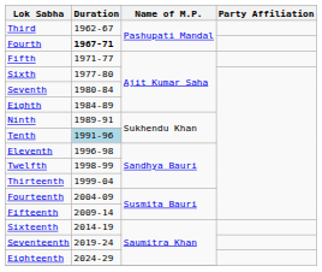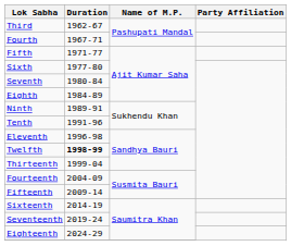 <table class="wikitable sortable">
 <tr>
 <th>Lok Sabha</th>
 <th>Duration</th>
 <th>Name of M.P.</th>
 <th colspan=2>Party Affiliation</th>
 </tr>
 <tr>
 <td><a href='#'>Third</a></td>
 <td>1962-67</td>
 <td rowspan=2><a href='#'>Pashupati Mandal</a></td>
 <td></td>
 </tr>
 <tr>
 <td><a href='#'>Fourth</a></td>
-<td><strong>1967-71</strong></td>
+<td>1967-71</td>
 </tr>
 <tr>
 <td><a href='#'>Fifth</a></td>
 <td>1971-77</td>
 <td rowspan=4><a href='#'>Ajit Kumar Saha</a></td>
 <td></td>
 </tr>
 <tr>
 <td><a href='#'>Sixth</a></td>
 <td>1977-80</td>
 </tr>
 <tr>
 <td><a href='#'>Seventh</a></td>
 <td>1980-84</td>
 </tr>
 <tr>
 <td><a href='#'>Eighth</a></td>
 <td>1984-89</td>
 </tr>
 <tr>
 <td><a href='#'>Ninth</a></td>
 <td>1989-91</td>
 <td rowspan=2>Sukhendu Khan</td>
 </tr>
 <tr>
 <td><a href='#'>Tenth</a></td>
-<td style="background: lightblue;">1991-96</td>
+<td>1991-96</td>
 </tr>
 <tr>
 <td><a href='#'>Eleventh</a></td>
 <td>1996-98</td>
 <td rowspan=3><a href='#'>Sandhya Bauri</a></td>
 </tr>
 <tr>
 <td><a href='#'>Twelfth</a></td>
-<td>1998-99</td>
+<td><strong>1998-99</strong></td>
 </tr>
 <tr>
 <td><a href='#'>Thirteenth</a></td>
 <td>1999-04</td>
 </tr>
 <tr>
 <td><a href='#'>Fourteenth</a></td>
 <td>2004-09</td>
 <td rowspan=2><a href='#'>Susmita Bauri</a></td>
 </tr>
 <tr>
 <td><a href='#'>Fifteenth</a></td>
 <td>2009-14</td>
 </tr>
 <tr>
 <td><a href='#'>Sixteenth</a></td>
 <td>2014-19</td>
 <td rowspan=3><a href='#'>Saumitra Khan</a></td>
 <td></td>
 </tr>
 <tr>
 <td><a href='#'>Seventeenth</a></td>
 <td>2019-24</td>
 <td></td>
 </tr>
 <tr>
 <td><a href='#'>Eighteenth</a></td>
 <td 2024->2024-29</td>
 </tr>
 <tr>
 </tr>
 </table>
